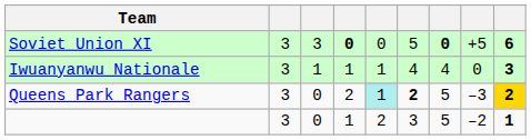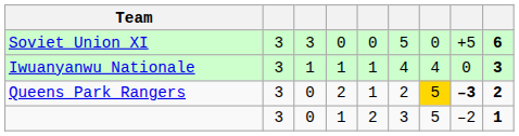 <table class="wikitable" style="text-align:center;">
 <tr>
 <th width=210>Team</th>
 <th width=20></th>
 <th width=20></th>
 <th width=20></th>
 <th width=20></th>
 <th width=20></th>
 <th width=20></th>
 <th width=20></th>
 <th width=20></th>
 </tr>
 <tr bgcolor="#ccffcc">
 <td align="left"> <a href='#'>Soviet Union XI</a></td>
 <td>3</td>
 <td>3</td>
-<td><strong>0</strong></td>
+<td>0</td>
 <td>0</td>
 <td>5</td>
-<td><strong>0</strong></td>
+<td>0</td>
 <td>+5</td>
 <td><strong>6</strong></td>
 </tr>
 <tr bgcolor="#ccffcc">
 <td align="left"> <a href='#'>Iwuanyanwu Nationale</a></td>
 <td>3</td>
 <td>1</td>
 <td>1</td>
 <td>1</td>
 <td>4</td>
 <td>4</td>
 <td>0</td>
 <td><strong>3</strong></td>
 </tr>
 <tr>
 <td align="left"> <a href='#'>Queens Park Rangers</a></td>
 <td>3</td>
 <td>0</td>
 <td>2</td>
-<td style="background: paleturquoise;">1</td>
+<td>1</td>
+<td>2</td>
+<td style="background: gold;">5</td>
+<td><strong>–3</strong></td>
 <td><strong>2</strong></td>
-<td>5</td>
-<td>–3</td>
-<td style="background: gold;"><strong>2</strong></td>
 </tr>
 <tr>
 <td align="left"></td>
 <td>3</td>
 <td>0</td>
 <td>1</td>
 <td>2</td>
 <td>3</td>
 <td>5</td>
 <td>–2</td>
 <td><strong>1</strong></td>
 </tr>
 </table>
